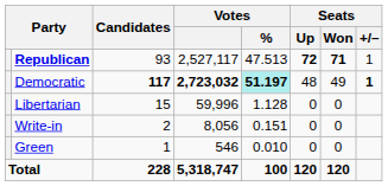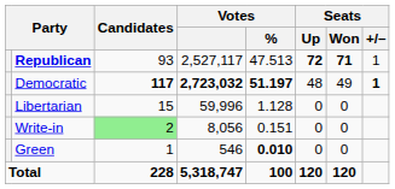 <table class="wikitable">
 <tr>
 <th rowspan="2" colspan="2">Party</th>
 <th rowspan="2">Candidates</th>
 <th colspan="2">Votes</th>
 <th colspan="5">Seats</th>
 </tr>
 <tr>
 <th></th>
 <th>%</th>
 <th>Up</th>
 <th>Won</th>
 <th>+/–</th>
 </tr>
 <tr>
 <th style="background-color:"></th>
 <td><strong><a href='#'>Republican</a></strong></td>
 <td align="right">93</td>
 <td align="right">2,527,117</td>
 <td align="right">47.513</td>
 <td align="right"><strong>72</strong></td>
 <td align="center"><strong>71</strong></td>
 <td align="center">1</td>
 </tr>
 <tr>
 <th style="background-color:"></th>
 <td><a href='#'>Democratic</a></td>
 <td align="right"><strong>117</strong></td>
 <td align="right"><strong>2,723,032</strong></td>
-<td align="right" style="background: paleturquoise;"><strong>51.197</strong></td>
+<td align="right"><strong>51.197</strong></td>
 <td align="right">48</td>
 <td align="center">49</td>
 <td align="center"><strong>1</strong></td>
 </tr>
 <tr>
 <th style="background-color:"></th>
 <td><a href='#'>Libertarian</a></td>
 <td align="right">15</td>
 <td align="right">59,996</td>
 <td align="right">1.128</td>
 <td align="right">0</td>
 <td align="center">0</td>
 <td align="center"></td>
 </tr>
 <tr>
 <th style="background-color:"></th>
 <td><a href='#'>Write-in</a></td>
-<td align="right">2</td>
+<td align="right" style="background: lightgreen;">2</td>
 <td align="right">8,056</td>
 <td align="right">0.151</td>
 <td align="right">0</td>
 <td align="center">0</td>
 <td align="center"></td>
 </tr>
 <tr>
 <th style="background-color:"></th>
 <td><a href='#'>Green</a></td>
 <td align="right">1</td>
 <td align="right">546</td>
-<td align="right">0.010</td>
+<td align="right"><strong>0.010</strong></td>
 <td align="right">0</td>
 <td align="center">0</td>
 <td align="center"></td>
 </tr>
 <tr>
 <td colspan="2" align="left"><strong>Total</strong></td>
 <td align="right"><strong>228</strong></td>
 <td align="center"><strong>5,318,747</strong></td>
 <td align="right"><strong>100</strong></td>
 <td align="right"><strong>120</strong></td>
 <td align="center"><strong>120</strong></td>
 <td align="center"><strong></strong></td>
 </tr>
 </table>
